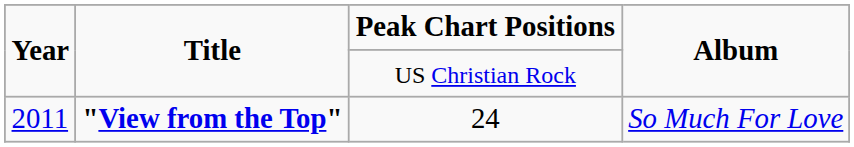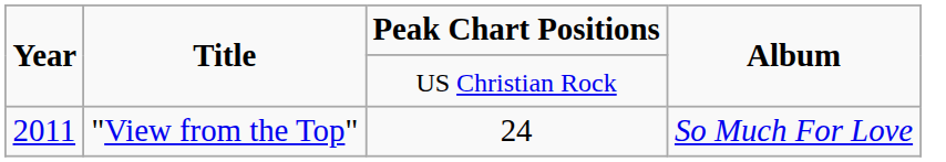 <table class="wikitable" style="text-align:center">
 <tr>
 <td rowspan="2"><strong>Year</strong></td>
 <td rowspan="2"><strong>Title</strong></td>
 <td colspan="1"><strong>Peak Chart Positions</strong></td>
 <td rowspan="2"><strong>Album</strong></td>
 </tr>
 <tr>
 <td><small>US <a href='#'>Christian Rock</a></small></td>
 </tr>
 <tr>
 <td style="text-align:left"><a href='#'>2011</a></td>
-<td style="text-align:left"><strong>"<a href='#'>View from the Top</a>"</strong></td>
+<td style="text-align:left">"<a href='#'>View from the Top</a>"</td>
 <td>24</td>
 <td><em><a href='#'>So Much For Love</a></em></td>
 </tr>
 </table>
